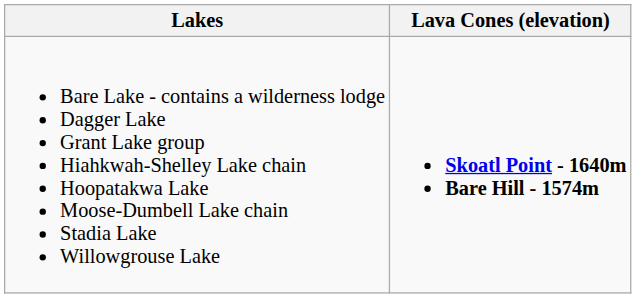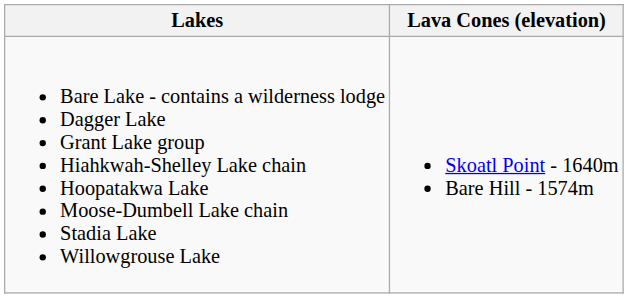 <table class="wikitable">
 <tr>
 <th>Lakes</th>
 <th>Lava Cones (elevation)</th>
 </tr>
 <tr>
 <td><br><ul><li>Bare Lake - contains a wilderness lodge</li><li>Dagger Lake</li><li>Grant Lake group</li><li>Hiahkwah-Shelley Lake chain</li><li>Hoopatakwa Lake</li><li>Moose-Dumbell Lake chain</li><li>Stadia Lake</li><li>Willowgrouse Lake</li></ul></td>
-<td><strong><br><ul><li><a href='#'>Skoatl Point</a> - 1640m</li><li>Bare Hill - 1574m</li></ul></strong></td>
+<td><br><ul><li><a href='#'>Skoatl Point</a> - 1640m</li><li>Bare Hill - 1574m</li></ul></td>
 </tr>
 </table>
